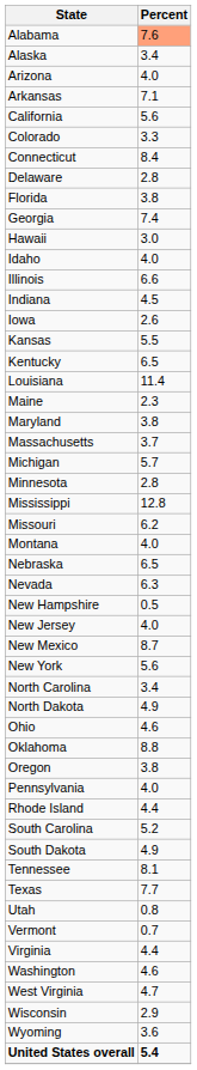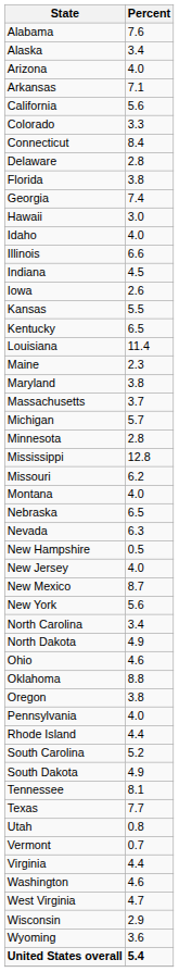 <table class="wikitable sortable">
 <tr>
 <th>State</th>
 <th>Percent</th>
 </tr>
 <tr>
 <td>Alabama</td>
-<td style="background: lightsalmon;">7.6</td>
+<td>7.6</td>
 </tr>
 <tr>
 <td>Alaska</td>
 <td>3.4</td>
 </tr>
 <tr>
 <td>Arizona</td>
 <td>4.0</td>
 </tr>
 <tr>
 <td>Arkansas</td>
 <td>7.1</td>
 </tr>
 <tr>
 <td>California</td>
 <td>5.6</td>
 </tr>
 <tr>
 <td>Colorado</td>
 <td>3.3</td>
 </tr>
 <tr>
 <td>Connecticut</td>
 <td>8.4</td>
 </tr>
 <tr>
 <td>Delaware</td>
 <td>2.8</td>
 </tr>
 <tr>
 <td>Florida</td>
 <td>3.8</td>
 </tr>
 <tr>
 <td>Georgia</td>
 <td>7.4</td>
 </tr>
 <tr>
 <td>Hawaii</td>
 <td>3.0</td>
 </tr>
 <tr>
 <td>Idaho</td>
 <td>4.0</td>
 </tr>
 <tr>
 <td>Illinois</td>
 <td>6.6</td>
 </tr>
 <tr>
 <td>Indiana</td>
 <td>4.5</td>
 </tr>
 <tr>
 <td>Iowa</td>
 <td>2.6</td>
 </tr>
 <tr>
 <td>Kansas</td>
 <td>5.5</td>
 </tr>
 <tr>
 <td>Kentucky</td>
 <td>6.5</td>
 </tr>
 <tr>
 <td>Louisiana</td>
 <td>11.4</td>
 </tr>
 <tr>
 <td>Maine</td>
 <td>2.3</td>
 </tr>
 <tr>
 <td>Maryland</td>
 <td>3.8</td>
 </tr>
 <tr>
 <td>Massachusetts</td>
 <td>3.7</td>
 </tr>
 <tr>
 <td>Michigan</td>
 <td>5.7</td>
 </tr>
 <tr>
 <td>Minnesota</td>
 <td>2.8</td>
 </tr>
 <tr>
 <td>Mississippi</td>
 <td>12.8</td>
 </tr>
 <tr>
 <td>Missouri</td>
 <td>6.2</td>
 </tr>
 <tr>
 <td>Montana</td>
 <td>4.0</td>
 </tr>
 <tr>
 <td>Nebraska</td>
 <td>6.5</td>
 </tr>
 <tr>
 <td>Nevada</td>
 <td>6.3</td>
 </tr>
 <tr>
 <td>New Hampshire</td>
 <td>0.5</td>
 </tr>
 <tr>
 <td>New Jersey</td>
 <td>4.0</td>
 </tr>
 <tr>
 <td>New Mexico</td>
 <td>8.7</td>
 </tr>
 <tr>
 <td>New York</td>
 <td>5.6</td>
 </tr>
 <tr>
 <td>North Carolina</td>
 <td>3.4</td>
 </tr>
 <tr>
 <td>North Dakota</td>
 <td>4.9</td>
 </tr>
 <tr>
 <td>Ohio</td>
 <td>4.6</td>
 </tr>
 <tr>
 <td>Oklahoma</td>
 <td>8.8</td>
 </tr>
 <tr>
 <td>Oregon</td>
 <td>3.8</td>
 </tr>
 <tr>
 <td>Pennsylvania</td>
 <td>4.0</td>
 </tr>
 <tr>
 <td>Rhode Island</td>
 <td>4.4</td>
 </tr>
 <tr>
 <td>South Carolina</td>
 <td>5.2</td>
 </tr>
 <tr>
 <td>South Dakota</td>
 <td>4.9</td>
 </tr>
 <tr>
 <td>Tennessee</td>
 <td>8.1</td>
 </tr>
 <tr>
 <td>Texas</td>
 <td>7.7</td>
 </tr>
 <tr>
 <td>Utah</td>
 <td>0.8</td>
 </tr>
 <tr>
 <td>Vermont</td>
 <td>0.7</td>
 </tr>
 <tr>
 <td>Virginia</td>
 <td>4.4</td>
 </tr>
 <tr>
 <td>Washington</td>
 <td>4.6</td>
 </tr>
 <tr>
 <td>West Virginia</td>
 <td>4.7</td>
 </tr>
 <tr>
 <td>Wisconsin</td>
 <td>2.9</td>
 </tr>
 <tr>
 <td>Wyoming</td>
 <td>3.6</td>
 </tr>
 <tr>
 <td><strong>United States overall</strong></td>
 <td><strong>5.4</strong></td>
 </tr>
 <tr>
 </tr>
 </table>
